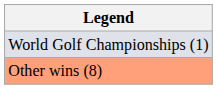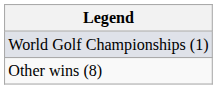 <table class="wikitable" style="font-size:95%;">
 <tr>
 <th>Legend</th>
 </tr>
 <tr style="background:#dfe2e9;">
 <td>World Golf Championships (1)</td>
 </tr>
 <tr>
-<td style="background: lightsalmon;">Other wins (8)</td>
+<td>Other wins (8)</td>
 </tr>
 </table>
